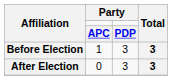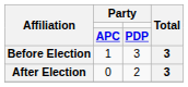 <table class="wikitable" style="text-align:center">
 <tr>
 <th rowspan="3">Affiliation</th>
 <th colspan="2">Party</th>
 <th rowspan="3">Total</th>
 </tr>
 <tr>
 <td style="background-color:"></td>
 <td style="background-color:"></td>
 </tr>
 <tr>
 <th><a href='#'>APC</a></th>
 <th><a href='#'>PDP</a></th>
 </tr>
 <tr>
 <th>Before Election</th>
 <td>1</td>
 <td>3</td>
 <th>3</th>
 </tr>
 <tr>
 <th>After Election</th>
 <td>0</td>
-<td>3</td>
+<td>2</td>
 <th>3</th>
 </tr>
 <tr>
 </tr>
 </table>
